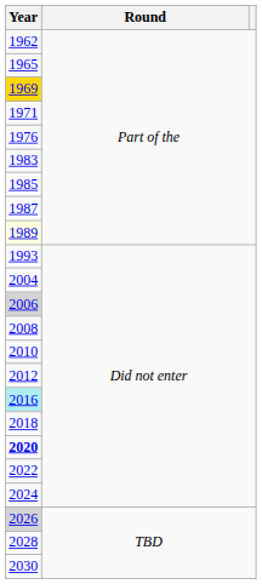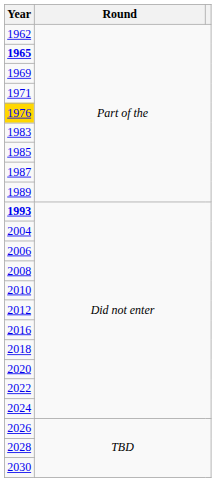 <table class="wikitable" style="text-align: center; font-size:90%">
 <tr>
 <th>Year</th>
 <th style="width:200px">Round</th>
 <th></th>
 </tr>
 <tr>
 <td><a href='#'>1962</a></td>
 <td colspan="2" rowspan="9"><em>Part of the </em></td>
 </tr>
 <tr>
-<td><a href='#'>1965</a></td>
+<td><strong><a href='#'>1965</a></strong></td>
 </tr>
 <tr>
-<td style="background: gold;"><a href='#'>1969</a></td>
+<td><a href='#'>1969</a></td>
 </tr>
 <tr>
 <td><a href='#'>1971</a></td>
 </tr>
 <tr>
-<td><a href='#'>1976</a></td>
+<td style="background: gold;"><a href='#'>1976</a></td>
 </tr>
 <tr>
 <td><a href='#'>1983</a></td>
 </tr>
 <tr>
 <td><a href='#'>1985</a></td>
 </tr>
 <tr>
 <td><a href='#'>1987</a></td>
 </tr>
 <tr>
-<td style="background: lightyellow;"><a href='#'>1989</a></td>
+<td><a href='#'>1989</a></td>
 </tr>
 <tr>
-<td><a href='#'>1993</a></td>
+<td><strong><a href='#'>1993</a></strong></td>
 <td colspan="2" rowspan="11"><em>Did not enter</em></td>
 </tr>
 <tr>
 <td><a href='#'>2004</a></td>
 </tr>
 <tr>
-<td style="background: lightgrey;"><a href='#'>2006</a></td>
+<td><a href='#'>2006</a></td>
 </tr>
 <tr>
 <td><a href='#'>2008</a></td>
 </tr>
 <tr>
 <td><a href='#'>2010</a></td>
 </tr>
 <tr>
 <td><a href='#'>2012</a></td>
 </tr>
 <tr>
-<td style="background: paleturquoise;"><a href='#'>2016</a></td>
+<td><a href='#'>2016</a></td>
 </tr>
 <tr>
 <td><a href='#'>2018</a></td>
 </tr>
 <tr>
-<td><strong><a href='#'>2020</a></strong></td>
+<td><a href='#'>2020</a></td>
 </tr>
 <tr>
 <td><a href='#'>2022</a></td>
 </tr>
 <tr>
 <td><a href='#'>2024</a></td>
 </tr>
 <tr>
-<td style="background: lightgrey;"><a href='#'>2026</a></td>
+<td><a href='#'>2026</a></td>
 <td colspan="2" rowspan="3"><em>TBD</em></td>
 </tr>
 <tr>
 <td><a href='#'>2028</a></td>
 </tr>
 <tr>
 <td><a href='#'>2030</a></td>
 </tr>
 </table>
